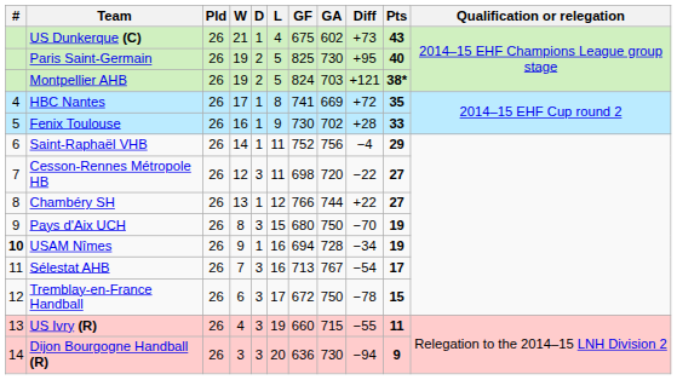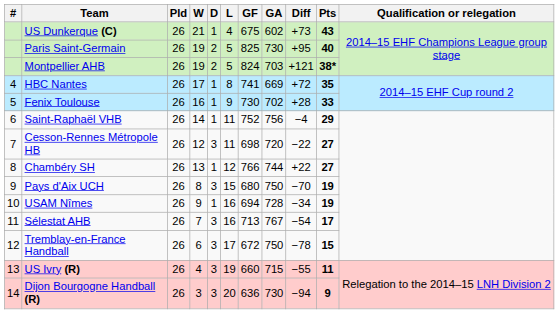 <table class="wikitable sortable" style="text-align:center">
 <tr>
 <th>#</th>
 <th width="200">Team</th>
 <th>Pld</th>
 <th>W</th>
 <th>D</th>
 <th>L</th>
 <th>GF</th>
 <th>GA</th>
 <th>Diff</th>
 <th>Pts</th>
 <th width="300">Qualification or relegation</th>
 </tr>
 <tr style="background: #D0F0C0;">
 <td></td>
 <td align=left> <a href='#'>US Dunkerque</a> <strong>(C)</strong></td>
 <td>26</td>
 <td>21</td>
 <td>1</td>
 <td>4</td>
 <td>675</td>
 <td>602</td>
 <td>+73</td>
 <td><strong>43</strong></td>
 <td rowspan="3"><a href='#'>2014–15 EHF Champions League group stage</a></td>
 </tr>
 <tr style="background: #D0F0C0;">
 <td></td>
 <td align=left> <a href='#'>Paris Saint-Germain</a></td>
 <td>26</td>
 <td>19</td>
 <td>2</td>
 <td>5</td>
 <td>825</td>
 <td>730</td>
 <td>+95</td>
 <td><strong>40</strong></td>
 </tr>
 <tr style="background: #D0F0C0;">
 <td></td>
 <td align=left> <a href='#'>Montpellier AHB</a></td>
 <td>26</td>
 <td>19</td>
 <td>2</td>
 <td>5</td>
 <td>824</td>
 <td>703</td>
 <td>+121</td>
 <td><strong>38*</strong></td>
 </tr>
 <tr style="background: #BBEBFF;">
 <td>4</td>
 <td align=left> <a href='#'>HBC Nantes</a></td>
 <td>26</td>
 <td>17</td>
 <td>1</td>
 <td>8</td>
 <td>741</td>
 <td>669</td>
 <td>+72</td>
 <td><strong>35</strong></td>
 <td rowspan="2"><a href='#'>2014–15 EHF Cup round 2</a></td>
 </tr>
 <tr style="background: #BBEBFF;">
 <td>5</td>
 <td align=left> <a href='#'>Fenix Toulouse</a></td>
 <td>26</td>
 <td>16</td>
 <td>1</td>
 <td>9</td>
 <td>730</td>
 <td>702</td>
 <td>+28</td>
 <td><strong>33</strong></td>
 </tr>
 <tr>
 <td>6</td>
 <td align=left> <a href='#'>Saint-Raphaël VHB</a></td>
 <td>26</td>
 <td>14</td>
 <td>1</td>
 <td>11</td>
 <td>752</td>
 <td>756</td>
 <td>−4</td>
 <td><strong>29</strong></td>
 </tr>
 <tr>
 <td>7</td>
 <td align=left> <a href='#'>Cesson-Rennes Métropole HB</a></td>
 <td>26</td>
 <td>12</td>
 <td>3</td>
 <td>11</td>
 <td>698</td>
 <td>720</td>
 <td>−22</td>
 <td><strong>27</strong></td>
 </tr>
 <tr>
 <td>8</td>
 <td align=left> <a href='#'>Chambéry SH</a></td>
 <td>26</td>
 <td>13</td>
 <td>1</td>
 <td>12</td>
 <td>766</td>
 <td>744</td>
 <td>+22</td>
 <td><strong>27</strong></td>
 </tr>
 <tr>
 <td>9</td>
 <td align=left> <a href='#'>Pays d'Aix UCH</a></td>
 <td>26</td>
 <td>8</td>
 <td>3</td>
 <td>15</td>
 <td>680</td>
 <td>750</td>
 <td>−70</td>
 <td><strong>19</strong></td>
 </tr>
 <tr>
-<td><strong>10</strong></td>
+<td>10</td>
 <td align=left> <a href='#'>USAM Nîmes</a></td>
 <td>26</td>
 <td>9</td>
 <td>1</td>
 <td>16</td>
 <td>694</td>
 <td>728</td>
 <td>−34</td>
 <td><strong>19</strong></td>
 </tr>
 <tr>
 <td>11</td>
 <td align=left> <a href='#'>Sélestat AHB</a></td>
 <td>26</td>
 <td>7</td>
 <td>3</td>
 <td>16</td>
 <td>713</td>
 <td>767</td>
 <td>−54</td>
 <td><strong>17</strong></td>
 </tr>
 <tr>
 <td>12</td>
 <td align=left> <a href='#'>Tremblay-en-France Handball</a></td>
 <td>26</td>
 <td>6</td>
 <td>3</td>
 <td>17</td>
 <td>672</td>
 <td>750</td>
 <td>−78</td>
 <td><strong>15</strong></td>
 </tr>
 <tr style="background: #FFCCCC;">
 <td>13</td>
 <td align=left> <a href='#'>US Ivry</a> <strong>(R)</strong></td>
 <td>26</td>
 <td>4</td>
 <td>3</td>
 <td>19</td>
 <td>660</td>
 <td>715</td>
 <td>−55</td>
 <td><strong>11</strong></td>
 <td rowspan="2">Relegation to the 2014–15 <a href='#'>LNH Division 2</a></td>
 </tr>
 <tr style="background: #FFCCCC;">
 <td>14</td>
 <td align=left> <a href='#'>Dijon Bourgogne Handball</a> <strong>(R)</strong></td>
 <td>26</td>
 <td>3</td>
 <td>3</td>
 <td>20</td>
 <td>636</td>
 <td>730</td>
 <td>−94</td>
 <td><strong>9</strong></td>
 </tr>
 </table>
